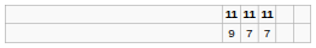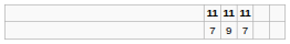 <table class="wikitable">
 <tr>
 <td style="width:18em"></td>
 <td align=center style="width:1em"><strong>11</strong></td>
 <td align=center style="width:1em"><strong>11</strong></td>
 <td align=center style="width:1em"><strong>11</strong></td>
 <td align=center style="width:1em"></td>
 <td align=center style="width:1em"></td>
 </tr>
 <tr>
 <td style="width:18em"></td>
+<td align=center style="width:1em">7</td>
 <td align=center style="width:1em">9</td>
-<td align=center style="width:1em">7</td>
 <td align=center style="width:1em">7</td>
 <td align=center style="width:1em"></td>
 <td align=center style="width:1em"></td>
 </tr>
 </table>
